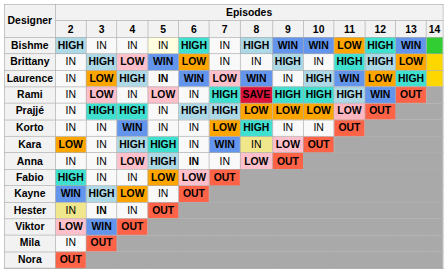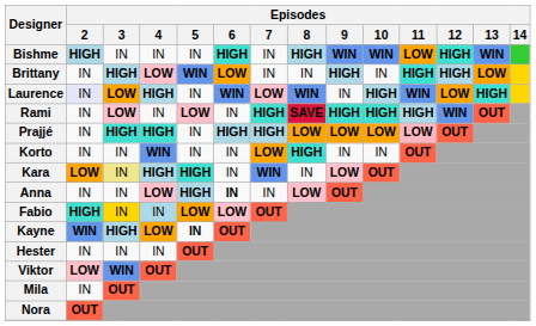 <table class="wikitable" style="text-align:center">
 <tr>
 <th rowspan="2"><strong>Designer</strong></th>
 <th colspan="14"><strong>Episodes</strong></th>
 </tr>
 <tr>
 <th>2</th>
 <th>3</th>
 <th>4</th>
 <th>5</th>
 <th>6</th>
 <th>7</th>
 <th>8</th>
 <th>9</th>
 <th>10</th>
 <th>11</th>
 <th>12</th>
 <th>13</th>
 <th>14</th>
 </tr>
 <tr>
 <th>Bishme</th>
 <td style="background:lightblue;"><strong>HIGH</strong></td>
 <td>IN</td>
 <td>IN</td>
-<td style="background: lightyellow;">IN</td>
+<td>IN</td>
 <td style="background:turquoise;"><strong>HIGH</strong></td>
 <td>IN</td>
 <td style="background:lightblue;"><strong>HIGH</strong></td>
 <td style="background:cornflowerblue;"><strong>WIN</strong></td>
 <td style="background:cornflowerblue;"><strong>WIN</strong></td>
 <td style="background:orange;"><strong>LOW</strong></td>
 <td style="background:turquoise;"><strong>HIGH</strong></td>
 <td style="background:cornflowerblue;"><strong>WIN</strong></td>
 <td style="background:limegreen;"></td>
 </tr>
 <tr>
 <th>Brittany</th>
 <td>IN</td>
 <td style="background:lightblue;"><strong>HIGH</strong></td>
 <td style="background:pink;"><strong>LOW</strong></td>
 <td style="background:cornflowerblue;"><strong>WIN</strong></td>
 <td style="background:orange;"><strong>LOW</strong></td>
 <td>IN</td>
 <td>IN</td>
 <td style="background:lightblue;"><strong>HIGH</strong></td>
 <td>IN</td>
 <td style="background:turquoise;"><strong>HIGH</strong></td>
 <td style="background:lightblue;"><strong>HIGH</strong></td>
 <td style="background:orange;"><strong>LOW</strong></td>
 <td style="background:gold;"></td>
 </tr>
 <tr>
 <th>Laurence</th>
-<td>IN</td>
+<td style="background: lavender;">IN</td>
 <td style="background:orange;"><strong>LOW</strong></td>
 <td style="background:lightblue;"><strong>HIGH</strong></td>
-<td><strong>IN</strong></td>
+<td>IN</td>
 <td style="background:cornflowerblue;"><strong>WIN</strong></td>
 <td style="background:pink;"><strong>LOW</strong></td>
 <td style="background:cornflowerblue;"><strong>WIN</strong></td>
 <td>IN</td>
 <td style="background:lightblue;"><strong>HIGH</strong></td>
 <td style="background:cornflowerblue;"><strong>WIN</strong></td>
 <td style="background:orange;"><strong>LOW</strong></td>
 <td style="background:turquoise;"><strong>HIGH</strong></td>
 <td style="background:gold;"></td>
 </tr>
 <tr>
 <th>Rami</th>
 <td>IN</td>
 <td style="background:pink;"><strong>LOW</strong></td>
 <td>IN</td>
 <td style="background:pink;"><strong>LOW</strong></td>
 <td>IN</td>
 <td style="background:turquoise;"><strong>HIGH</strong></td>
 <td style="background:crimson;"><strong>SAVE</strong></td>
 <td style="background:turquoise;"><strong>HIGH</strong></td>
 <td style="background:turquoise;"><strong>HIGH</strong></td>
 <td style="background:lightblue;"><strong>HIGH</strong></td>
 <td style="background:cornflowerblue;"><strong>WIN</strong></td>
 <td style="background:tomato;"><strong>OUT</strong></td>
 <td style="background:darkgrey;" colspan="1"></td>
 </tr>
 <tr>
 <th>Prajjé</th>
 <td>IN</td>
 <td style="background:turquoise;"><strong>HIGH</strong></td>
 <td style="background:turquoise;"><strong>HIGH</strong></td>
 <td>IN</td>
 <td style="background:lightblue;"><strong>HIGH</strong></td>
 <td style="background:lightblue;"><strong>HIGH</strong></td>
 <td style="background:orange;"><strong>LOW</strong></td>
 <td style="background:orange;"><strong>LOW</strong></td>
 <td style="background:orange;"><strong>LOW</strong></td>
 <td style="background:lightpink;"><strong>LOW</strong></td>
 <td style="background:tomato;"><strong>OUT</strong></td>
 <td style="background:darkgrey;" colspan="2"></td>
 </tr>
 <tr>
 <th>Korto</th>
 <td>IN</td>
 <td>IN</td>
 <td style="background:cornflowerblue;"><strong>WIN</strong></td>
 <td>IN</td>
 <td>IN</td>
 <td style="background:orange;"><strong>LOW</strong></td>
 <td style="background:turquoise;"><strong>HIGH</strong></td>
 <td>IN</td>
 <td>IN</td>
 <td style="background:tomato;"><strong>OUT</strong></td>
 <td style="background:darkgrey;" colspan="3"></td>
 </tr>
 <tr>
 <th>Kara</th>
 <td style="background:orange;"><strong>LOW</strong></td>
-<td>IN</td>
+<td style="background: khaki;">IN</td>
 <td style="background:lightblue;"><strong>HIGH</strong></td>
 <td style="background:turquoise;"><strong>HIGH</strong></td>
 <td>IN</td>
 <td style="background:cornflowerblue;"><strong>WIN</strong></td>
-<td style="background: khaki;">IN</td>
+<td>IN</td>
 <td style="background:pink;"><strong>LOW</strong></td>
 <td style="background:tomato;"><strong>OUT</strong></td>
 <td style="background:darkgrey;" colspan="4"></td>
 </tr>
 <tr>
 <th>Anna</th>
 <td>IN</td>
 <td>IN</td>
 <td style="background:pink;"><strong>LOW</strong></td>
 <td style="background:lightblue;"><strong>HIGH</strong></td>
 <td><strong>IN</strong></td>
 <td>IN</td>
 <td style="background:pink;"><strong>LOW</strong></td>
 <td style="background:tomato;"><strong>OUT</strong></td>
 <td style="background:darkgrey;" colspan="5"></td>
 </tr>
 <tr>
 <th>Fabio</th>
 <td style="background:turquoise;"><strong>HIGH</strong></td>
-<td>IN</td>
-<td>IN</td>
+<td style="background: gold;">IN</td>
+<td style="background: lightblue;">IN</td>
 <td style="background:orange;"><strong>LOW</strong></td>
 <td style="background:pink;"><strong>LOW</strong></td>
 <td style="background:tomato;"><strong>OUT</strong></td>
 <td style="background:darkgrey;" colspan="7"></td>
 </tr>
 <tr>
 <th>Kayne</th>
 <td style="background:cornflowerblue;"><strong>WIN</strong></td>
 <td style="background:lightblue;"><strong>HIGH</strong></td>
 <td style="background:orange;"><strong>LOW</strong></td>
-<td>IN</td>
+<td><strong>IN</strong></td>
 <td style="background:tomato;"><strong>OUT</strong></td>
 <td style="background:darkgrey;" colspan="8"></td>
 </tr>
 <tr>
 <th>Hester</th>
-<td style="background: khaki;">IN</td>
-<td><strong>IN</strong></td>
+<td>IN</td>
+<td>IN</td>
 <td>IN</td>
 <td style="background:tomato;"><strong>OUT</strong></td>
 <td style="background:darkgrey;" colspan="9"></td>
 </tr>
 <tr>
 <th>Viktor</th>
 <td style="background:pink;"><strong>LOW</strong></td>
 <td style="background:cornflowerblue;"><strong>WIN</strong></td>
 <td style="background:tomato;"><strong>OUT</strong></td>
 <td style="background:darkgrey;" colspan="10"></td>
 </tr>
 <tr>
 <th>Mila</th>
 <td>IN</td>
 <td style="background:tomato;"><strong>OUT</strong></td>
 <td style="background:darkgrey;" colspan="11"></td>
 </tr>
 <tr>
 <th>Nora</th>
 <td style="background:tomato;"><strong>OUT</strong></td>
 <td style="background:darkgrey;" colspan="12"></td>
 </tr>
 <tr>
 </tr>
 </table>
